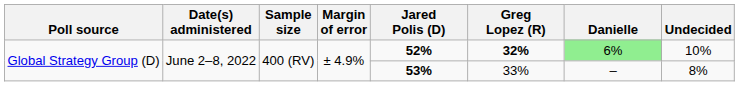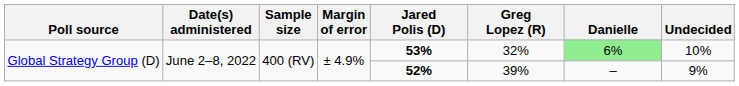 <table class="wikitable" style="font-size:90%;text-align:center;">
 <tr valign=bottom>
 <th>Poll source</th>
 <th>Date(s)<br>administered</th>
 <th>Sample<br>size</th>
 <th>Margin<br>of error</th>
 <th style="width:100px;">Jared<br>Polis (D)</th>
 <th style="width:100px;">Greg<br>Lopez (R)</th>
 <th style="width:100px;">Danielle<br></th>
 <th>Undecided</th>
 </tr>
 <tr>
 <td style="text-align:left;" rowspan="2"><a href='#'>Global Strategy Group</a> (D)</td>
 <td rowspan="2">June 2–8, 2022</td>
 <td rowspan="2">400 (RV)</td>
 <td rowspan="2">± 4.9%</td>
-<td><strong>52%</strong></td>
-<td><strong>32%</strong></td>
+<td><strong>53%</strong></td>
+<td>32%</td>
 <td style="background: lightgreen;">6%</td>
 <td>10%</td>
 </tr>
 <tr>
-<td><strong>53%</strong></td>
-<td>33%</td>
+<td><strong>52%</strong></td>
+<td>39%</td>
 <td>–</td>
-<td>8%</td>
+<td>9%</td>
 </tr>
 </table>
